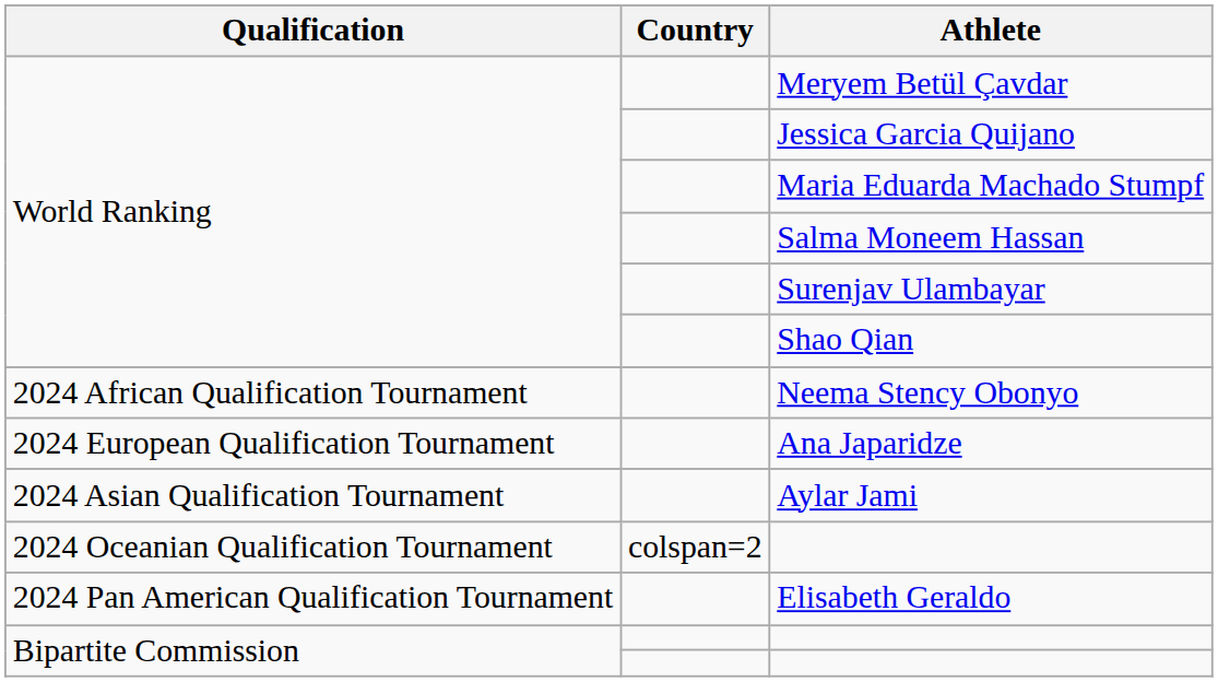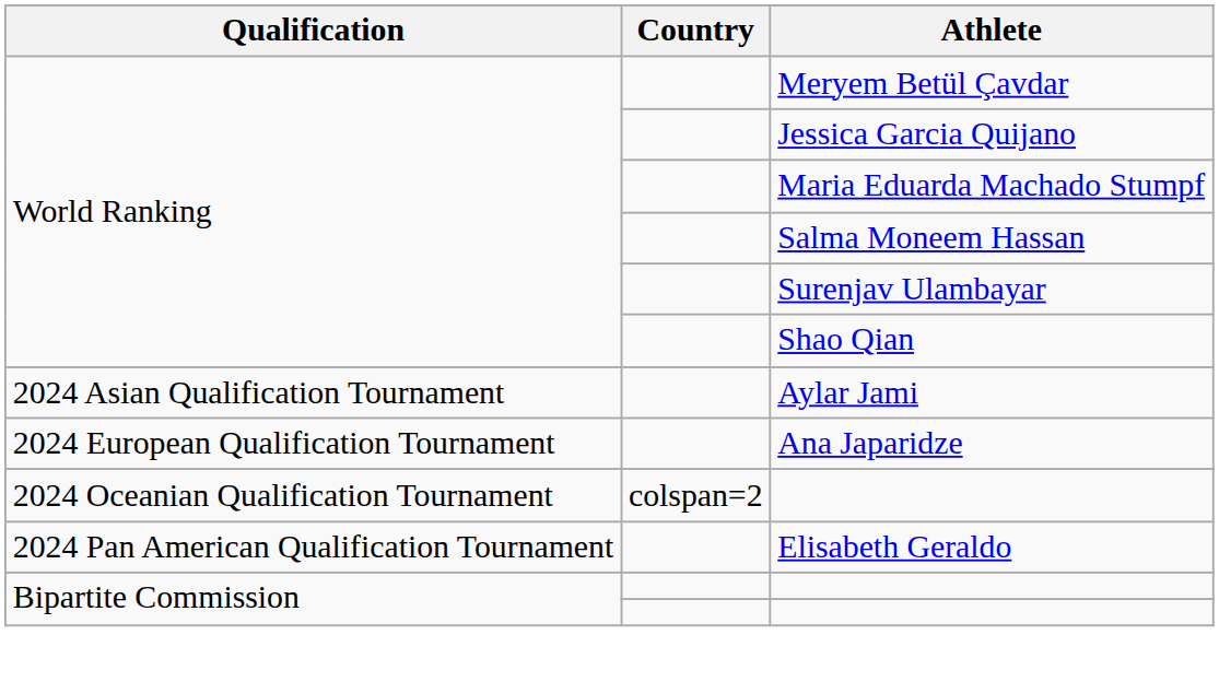 <table class="wikitable">
 <tr>
 <th>Qualification</th>
 <th>Country</th>
 <th>Athlete</th>
 </tr>
 <tr>
 <td rowspan="6">World Ranking</td>
 <td></td>
 <td><a href='#'>Meryem Betül Çavdar</a></td>
 </tr>
 <tr>
 <td></td>
 <td><a href='#'>Jessica Garcia Quijano</a></td>
 </tr>
 <tr>
 <td></td>
 <td><a href='#'>Maria Eduarda Machado Stumpf</a></td>
 </tr>
 <tr>
 <td></td>
 <td><a href='#'>Salma Moneem Hassan</a></td>
 </tr>
 <tr>
 <td></td>
 <td><a href='#'>Surenjav Ulambayar</a></td>
 </tr>
 <tr>
 <td></td>
 <td><a href='#'>Shao Qian</a></td>
 </tr>
 <tr>
-<td>2024 African Qualification Tournament</td>
+<td>2024 Asian Qualification Tournament</td>
 <td></td>
-<td><a href='#'>Neema Stency Obonyo</a></td>
+<td><a href='#'>Aylar Jami</a></td>
 </tr>
 <tr>
 <td>2024 European Qualification Tournament</td>
 <td></td>
 <td><a href='#'>Ana Japaridze</a></td>
-</tr>
-<tr>
-<td>2024 Asian Qualification Tournament</td>
-<td></td>
-<td><a href='#'>Aylar Jami</a></td>
 </tr>
 <tr>
 <td>2024 Oceanian Qualification Tournament</td>
 <td>colspan=2 </td>
 </tr>
 <tr>
 <td>2024 Pan American Qualification Tournament</td>
 <td></td>
 <td><a href='#'>Elisabeth Geraldo</a></td>
 </tr>
 <tr>
 <td rowspan=2>Bipartite Commission</td>
 <td></td>
 <td></td>
 </tr>
 <tr>
 <td></td>
 <td></td>
 </tr>
 </table>
